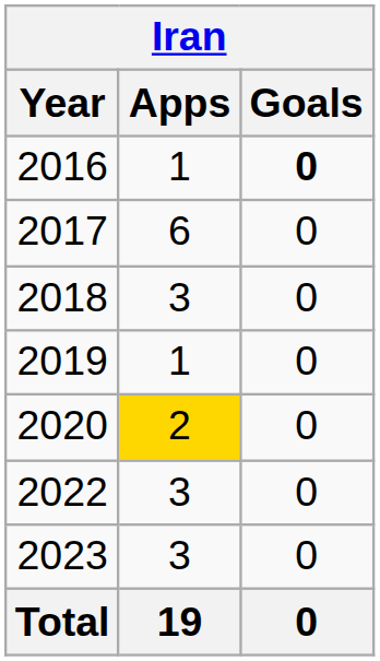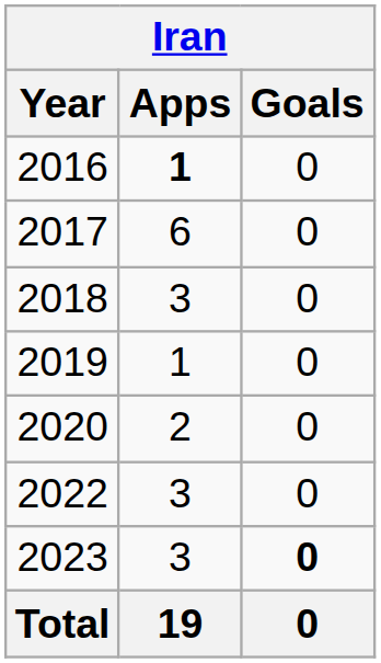 <table class="wikitable" style="text-align:center">
 <tr>
 <th colspan="3"><a href='#'>Iran</a></th>
 </tr>
 <tr>
 <th>Year</th>
 <th>Apps</th>
 <th>Goals</th>
 </tr>
 <tr>
 <td>2016</td>
-<td>1</td>
-<td><strong>0</strong></td>
+<td><strong>1</strong></td>
+<td>0</td>
 </tr>
 <tr>
 <td>2017</td>
 <td>6</td>
 <td>0</td>
 </tr>
 <tr>
 <td>2018</td>
 <td>3</td>
 <td>0</td>
 </tr>
 <tr>
 <td>2019</td>
 <td>1</td>
 <td>0</td>
 </tr>
 <tr>
 <td>2020</td>
-<td style="background: gold;">2</td>
+<td>2</td>
 <td>0</td>
 </tr>
 <tr>
 <td>2022</td>
 <td>3</td>
 <td>0</td>
 </tr>
 <tr>
 <td>2023</td>
 <td>3</td>
-<td>0</td>
+<td><strong>0</strong></td>
 </tr>
 <tr>
 <th>Total</th>
 <th>19</th>
 <th>0</th>
 </tr>
 </table>
